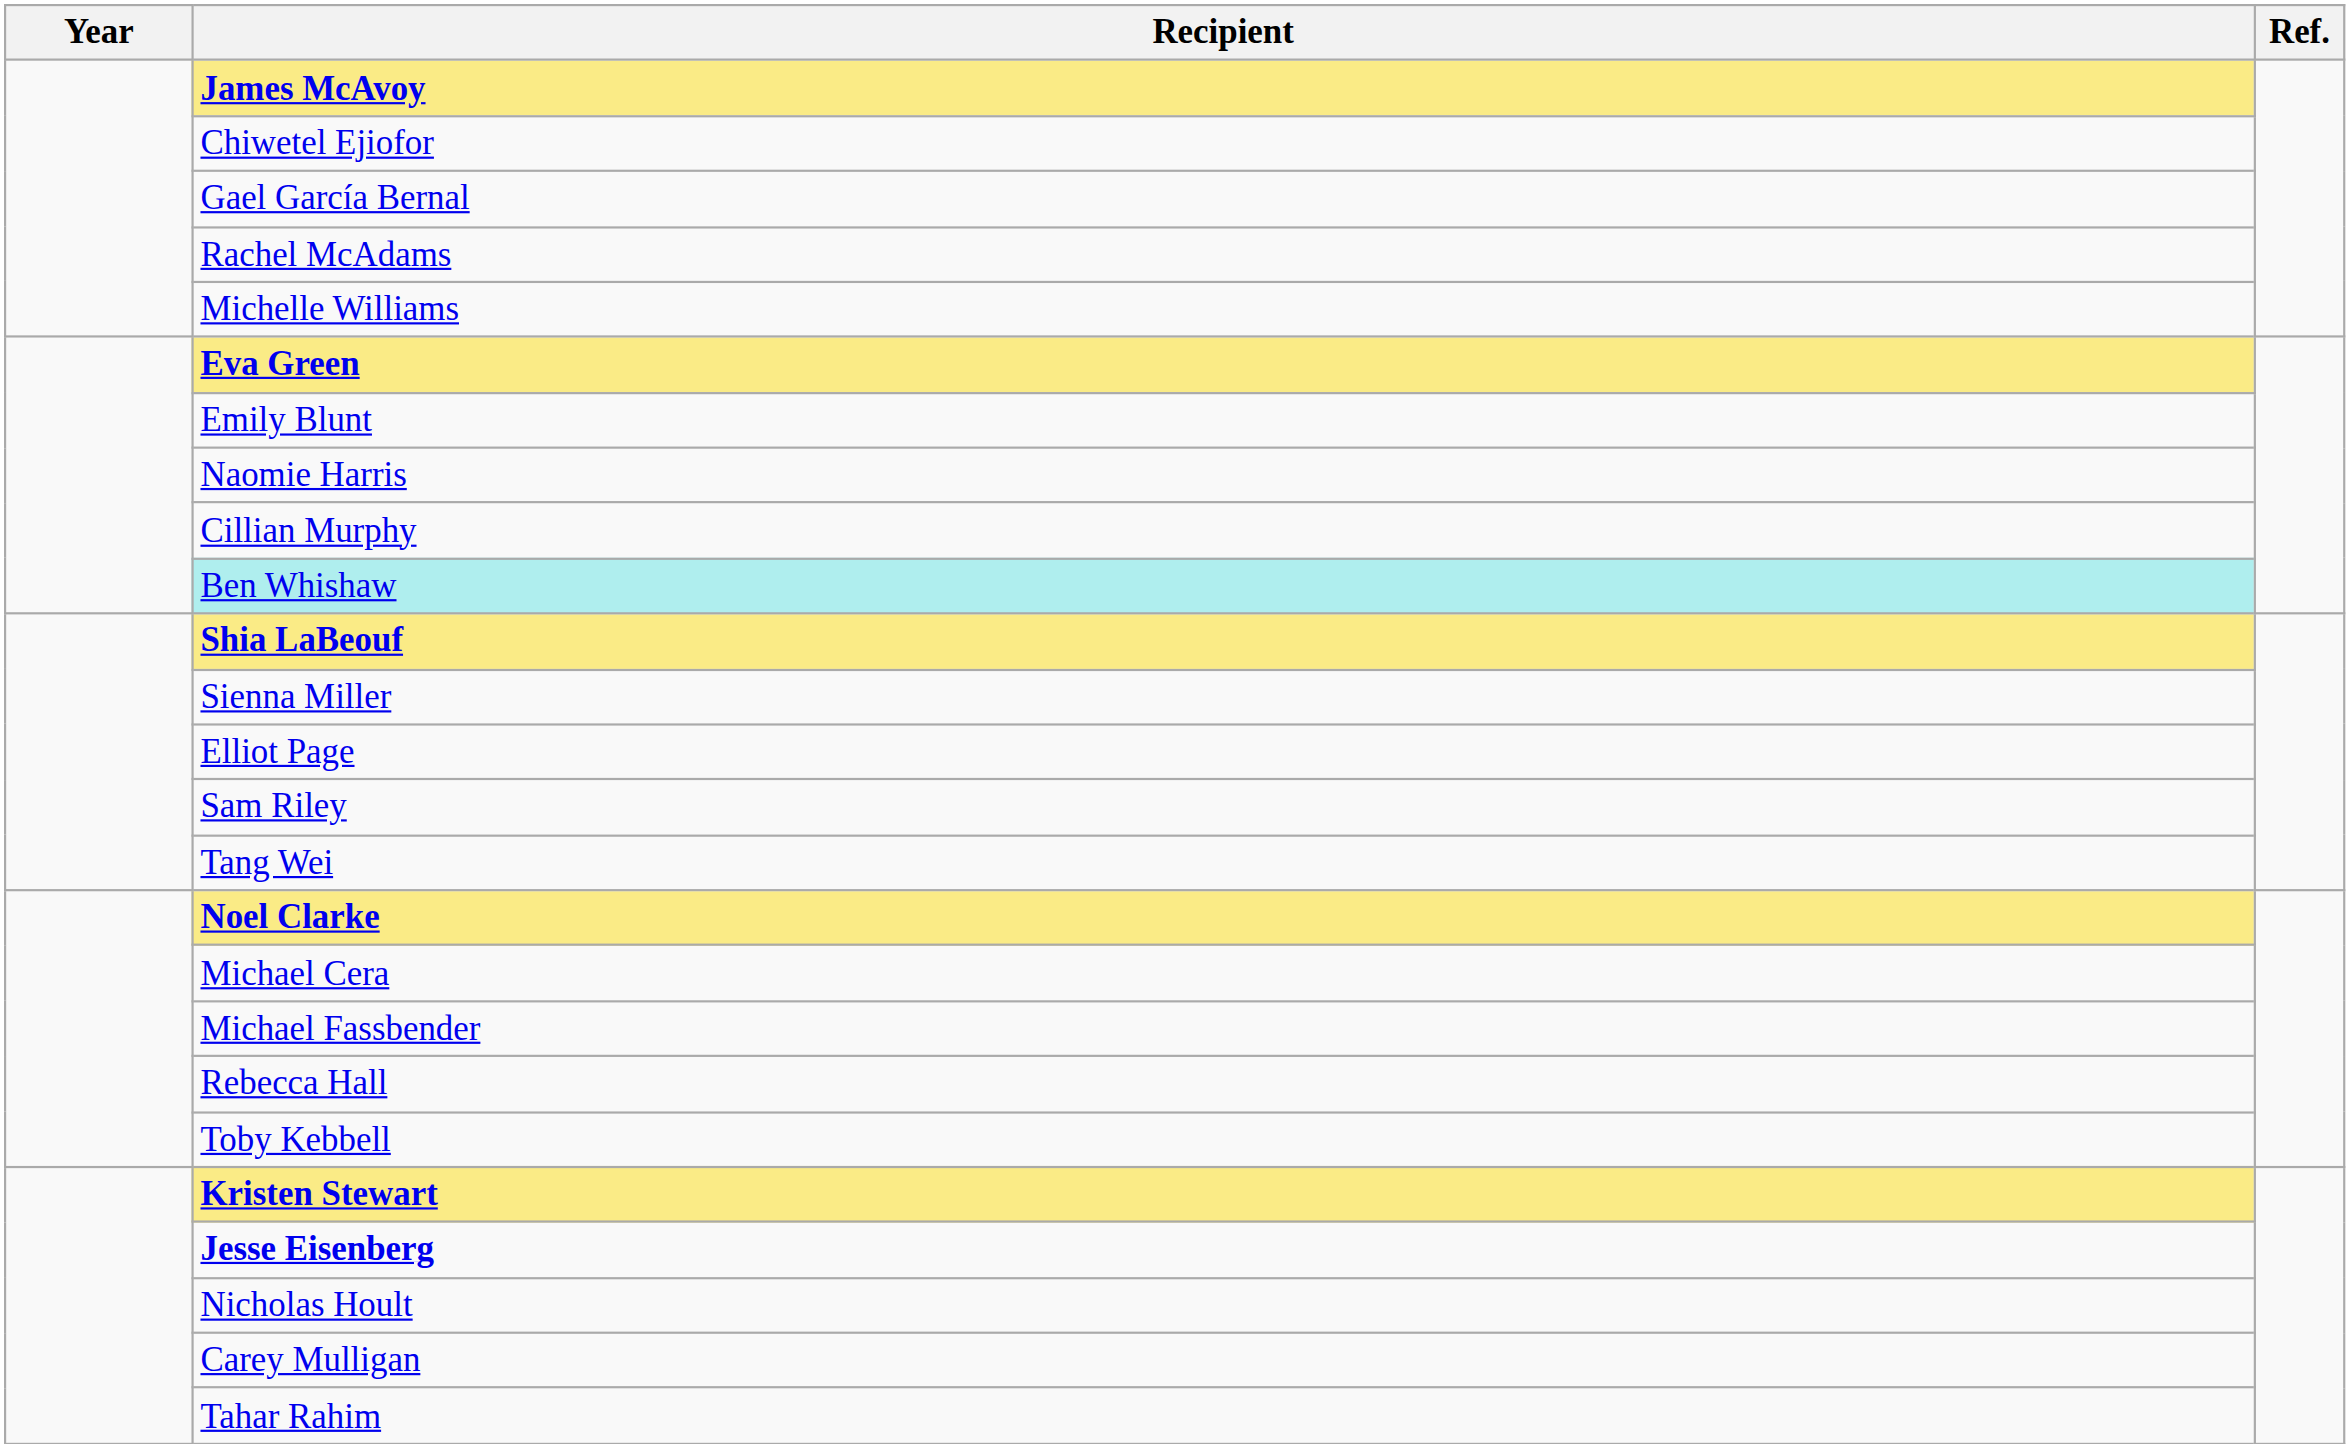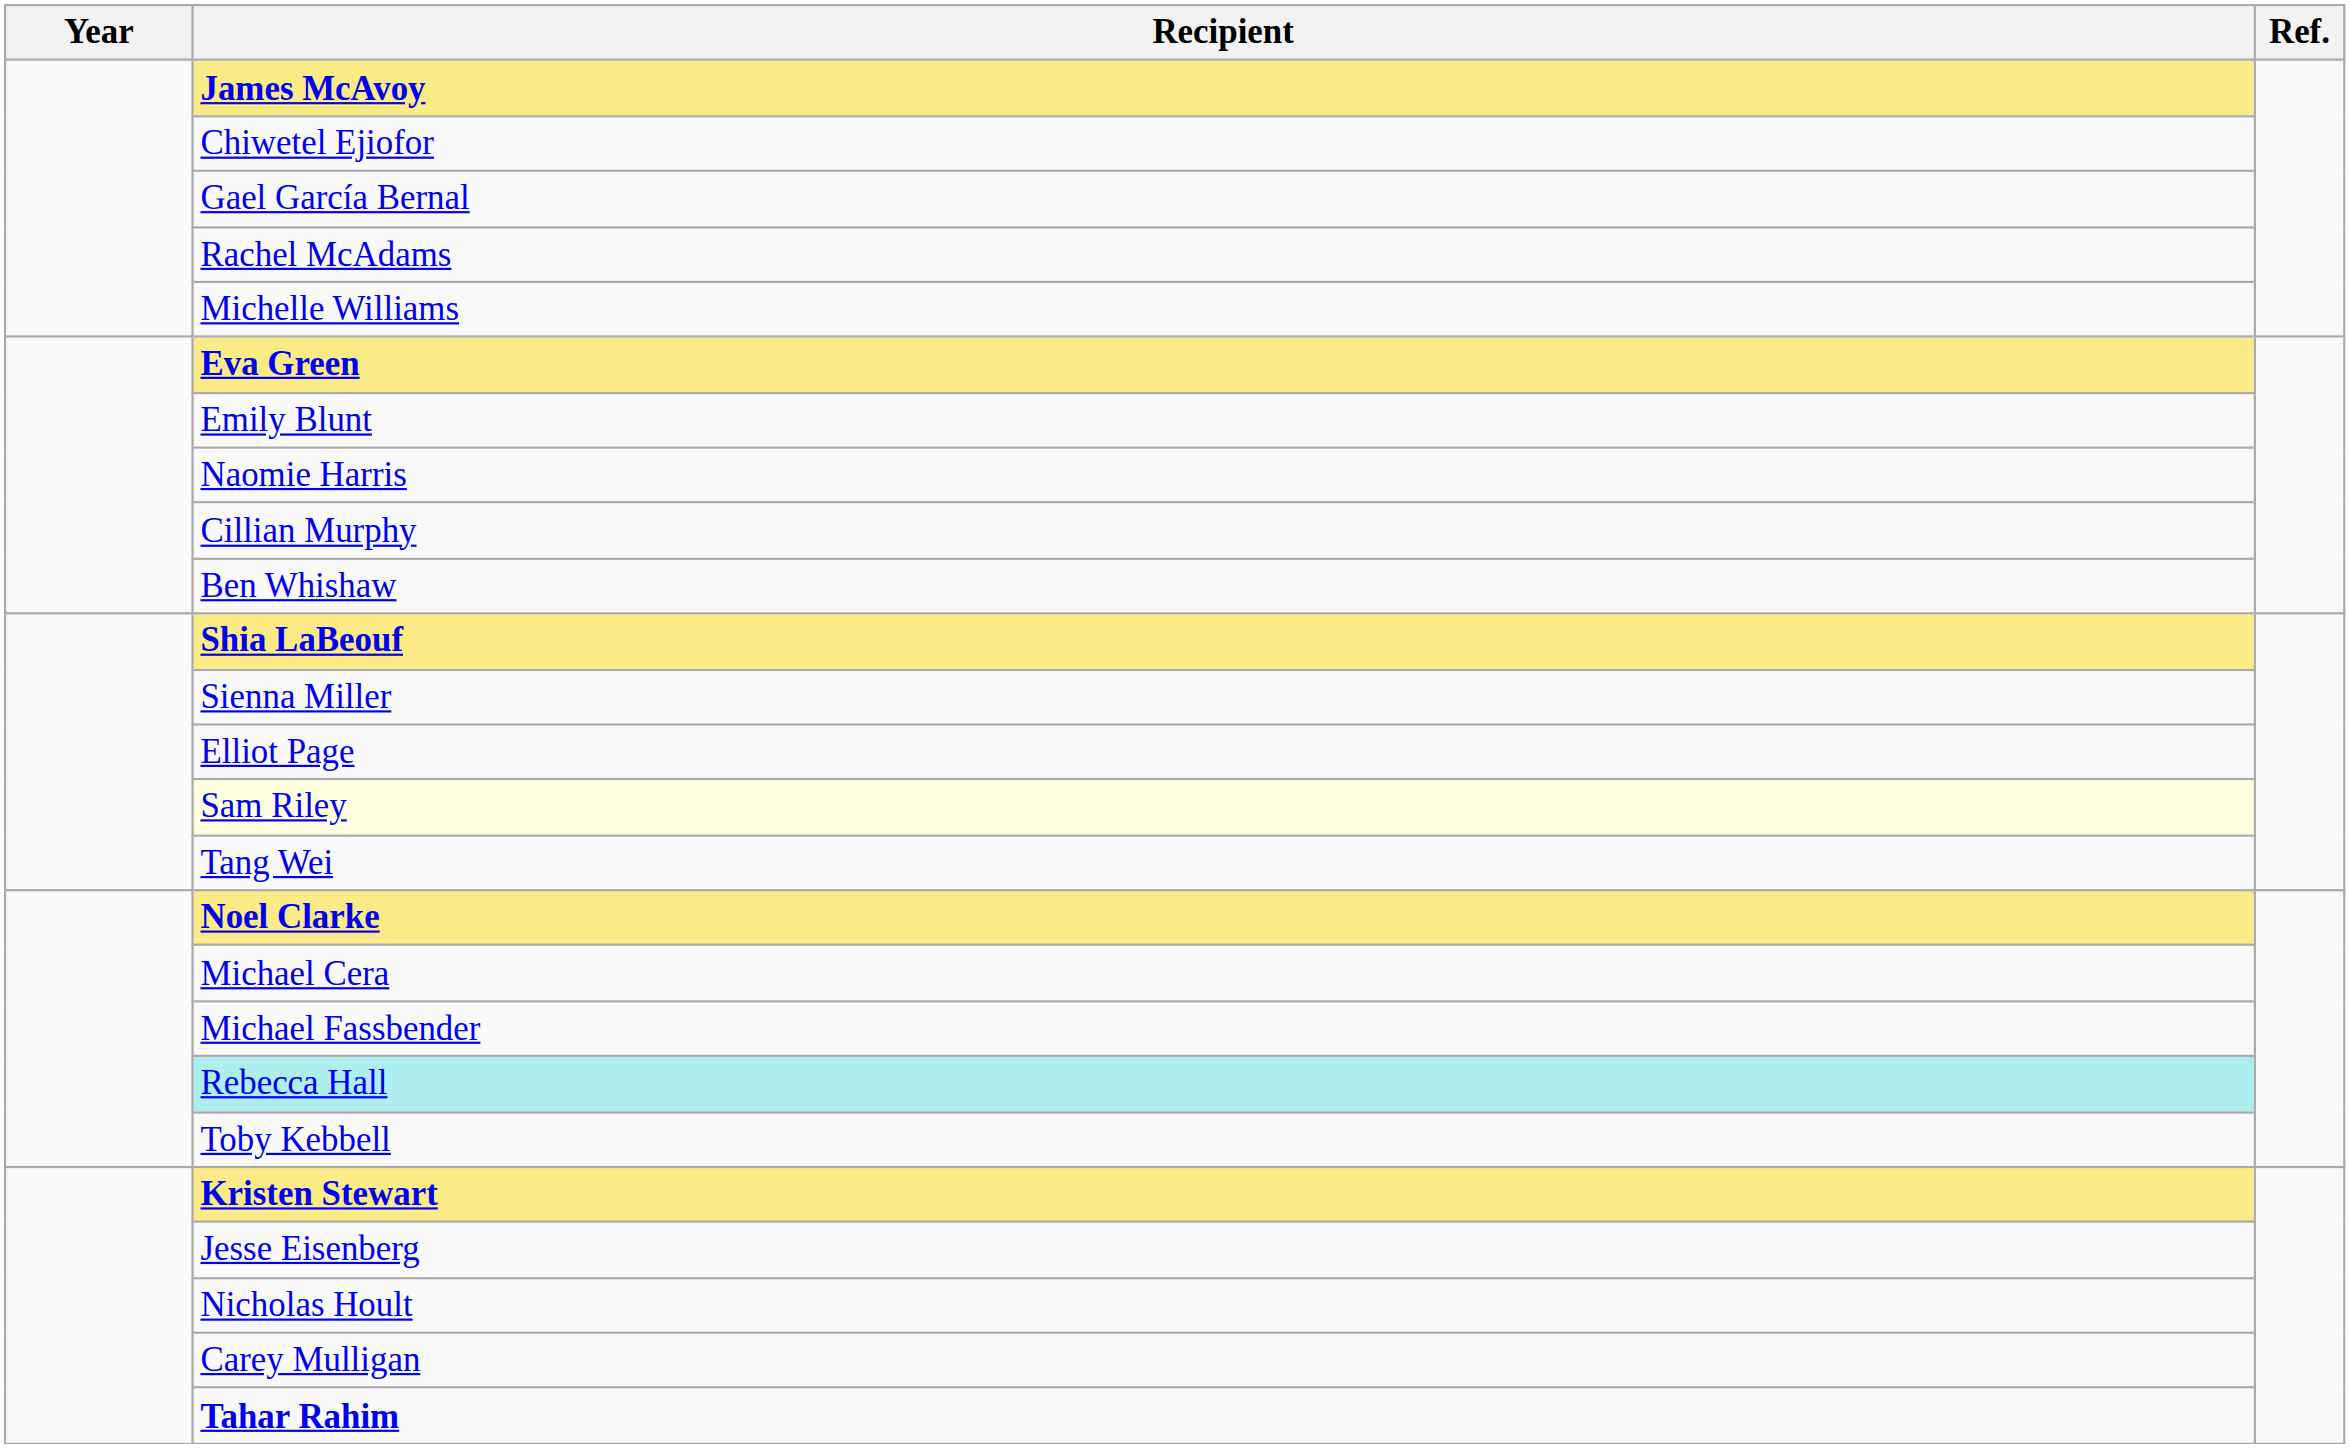 <table class="wikitable" style="width:85%;" cellpadding="5">
 <tr>
 <th style="width:5%;">Year</th>
 <th style="width:55%;">Recipient</th>
 <th style="width:1%">Ref.</th>
 </tr>
 <tr>
 <td rowspan="5"></td>
 <td style="background:#FAEB86"><strong><a href='#'>James McAvoy</a></strong></td>
 <td rowspan=5, align=center></td>
 </tr>
 <tr>
 <td><a href='#'>Chiwetel Ejiofor</a></td>
 </tr>
 <tr>
 <td><a href='#'>Gael García Bernal</a></td>
 </tr>
 <tr>
 <td><a href='#'>Rachel McAdams</a></td>
 </tr>
 <tr>
 <td><a href='#'>Michelle Williams</a></td>
 </tr>
 <tr>
 <td rowspan="5"></td>
 <td style="background:#FAEB86"><strong><a href='#'>Eva Green</a></strong></td>
 <td rowspan=5, align=center></td>
 </tr>
 <tr>
 <td><a href='#'>Emily Blunt</a></td>
 </tr>
 <tr>
 <td><a href='#'>Naomie Harris</a></td>
 </tr>
 <tr>
 <td><a href='#'>Cillian Murphy</a></td>
 </tr>
 <tr>
-<td style="background: paleturquoise;"><a href='#'>Ben Whishaw</a></td>
+<td><a href='#'>Ben Whishaw</a></td>
 </tr>
 <tr>
 <td rowspan="5"></td>
 <td style="background:#FAEB86"><strong><a href='#'>Shia LaBeouf</a></strong></td>
 <td rowspan=5, align=center></td>
 </tr>
 <tr>
 <td><a href='#'>Sienna Miller</a></td>
 </tr>
 <tr>
 <td><a href='#'>Elliot Page</a></td>
 </tr>
 <tr>
-<td><a href='#'>Sam Riley</a></td>
+<td style="background: lightyellow;"><a href='#'>Sam Riley</a></td>
 </tr>
 <tr>
 <td><a href='#'>Tang Wei</a></td>
 </tr>
 <tr>
 <td rowspan="5"></td>
 <td style="background:#FAEB86"><strong><a href='#'>Noel Clarke</a></strong></td>
 <td rowspan=5, align=center></td>
 </tr>
 <tr>
 <td><a href='#'>Michael Cera</a></td>
 </tr>
 <tr>
 <td><a href='#'>Michael Fassbender</a></td>
 </tr>
 <tr>
-<td><a href='#'>Rebecca Hall</a></td>
+<td style="background: paleturquoise;"><a href='#'>Rebecca Hall</a></td>
 </tr>
 <tr>
 <td><a href='#'>Toby Kebbell</a></td>
 </tr>
 <tr>
 <td rowspan="5"></td>
 <td style="background:#FAEB86"><strong><a href='#'>Kristen Stewart</a></strong></td>
 <td rowspan=5, align=center></td>
 </tr>
 <tr>
-<td><strong><a href='#'>Jesse Eisenberg</a></strong></td>
+<td><a href='#'>Jesse Eisenberg</a></td>
 </tr>
 <tr>
 <td><a href='#'>Nicholas Hoult</a></td>
 </tr>
 <tr>
 <td><a href='#'>Carey Mulligan</a></td>
 </tr>
 <tr>
-<td><a href='#'>Tahar Rahim</a></td>
+<td><strong><a href='#'>Tahar Rahim</a></strong></td>
 </tr>
 </table>
